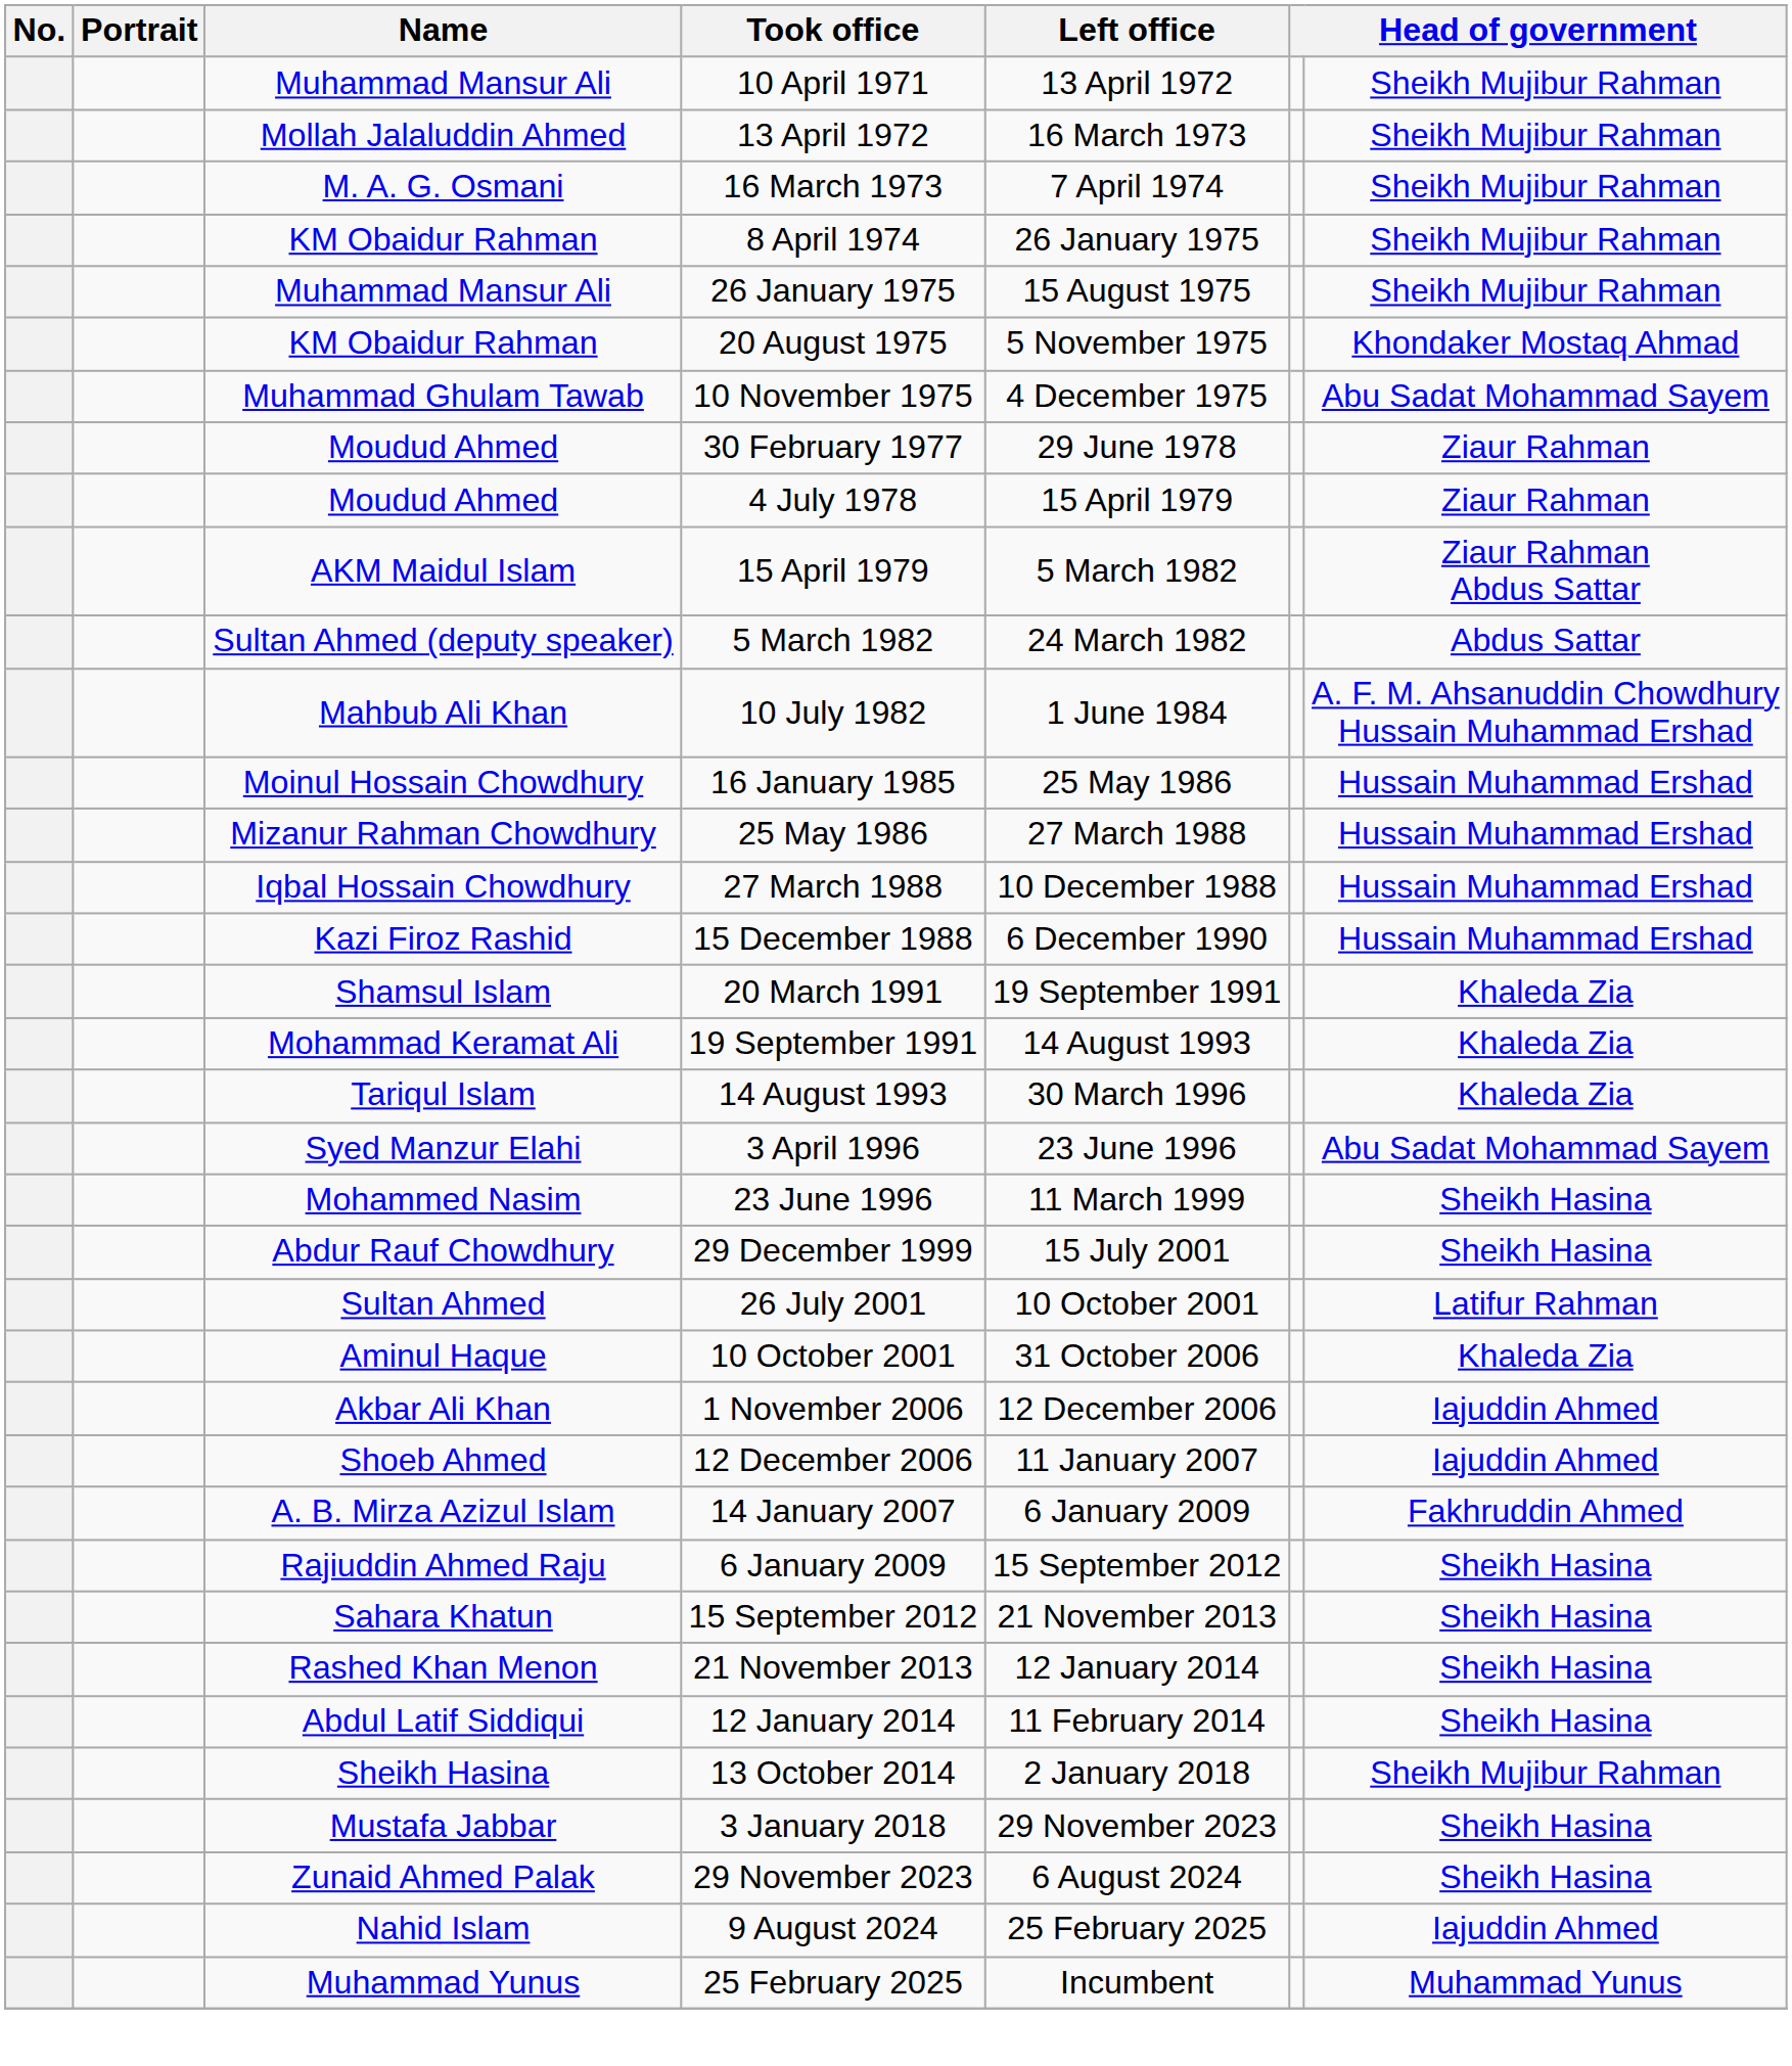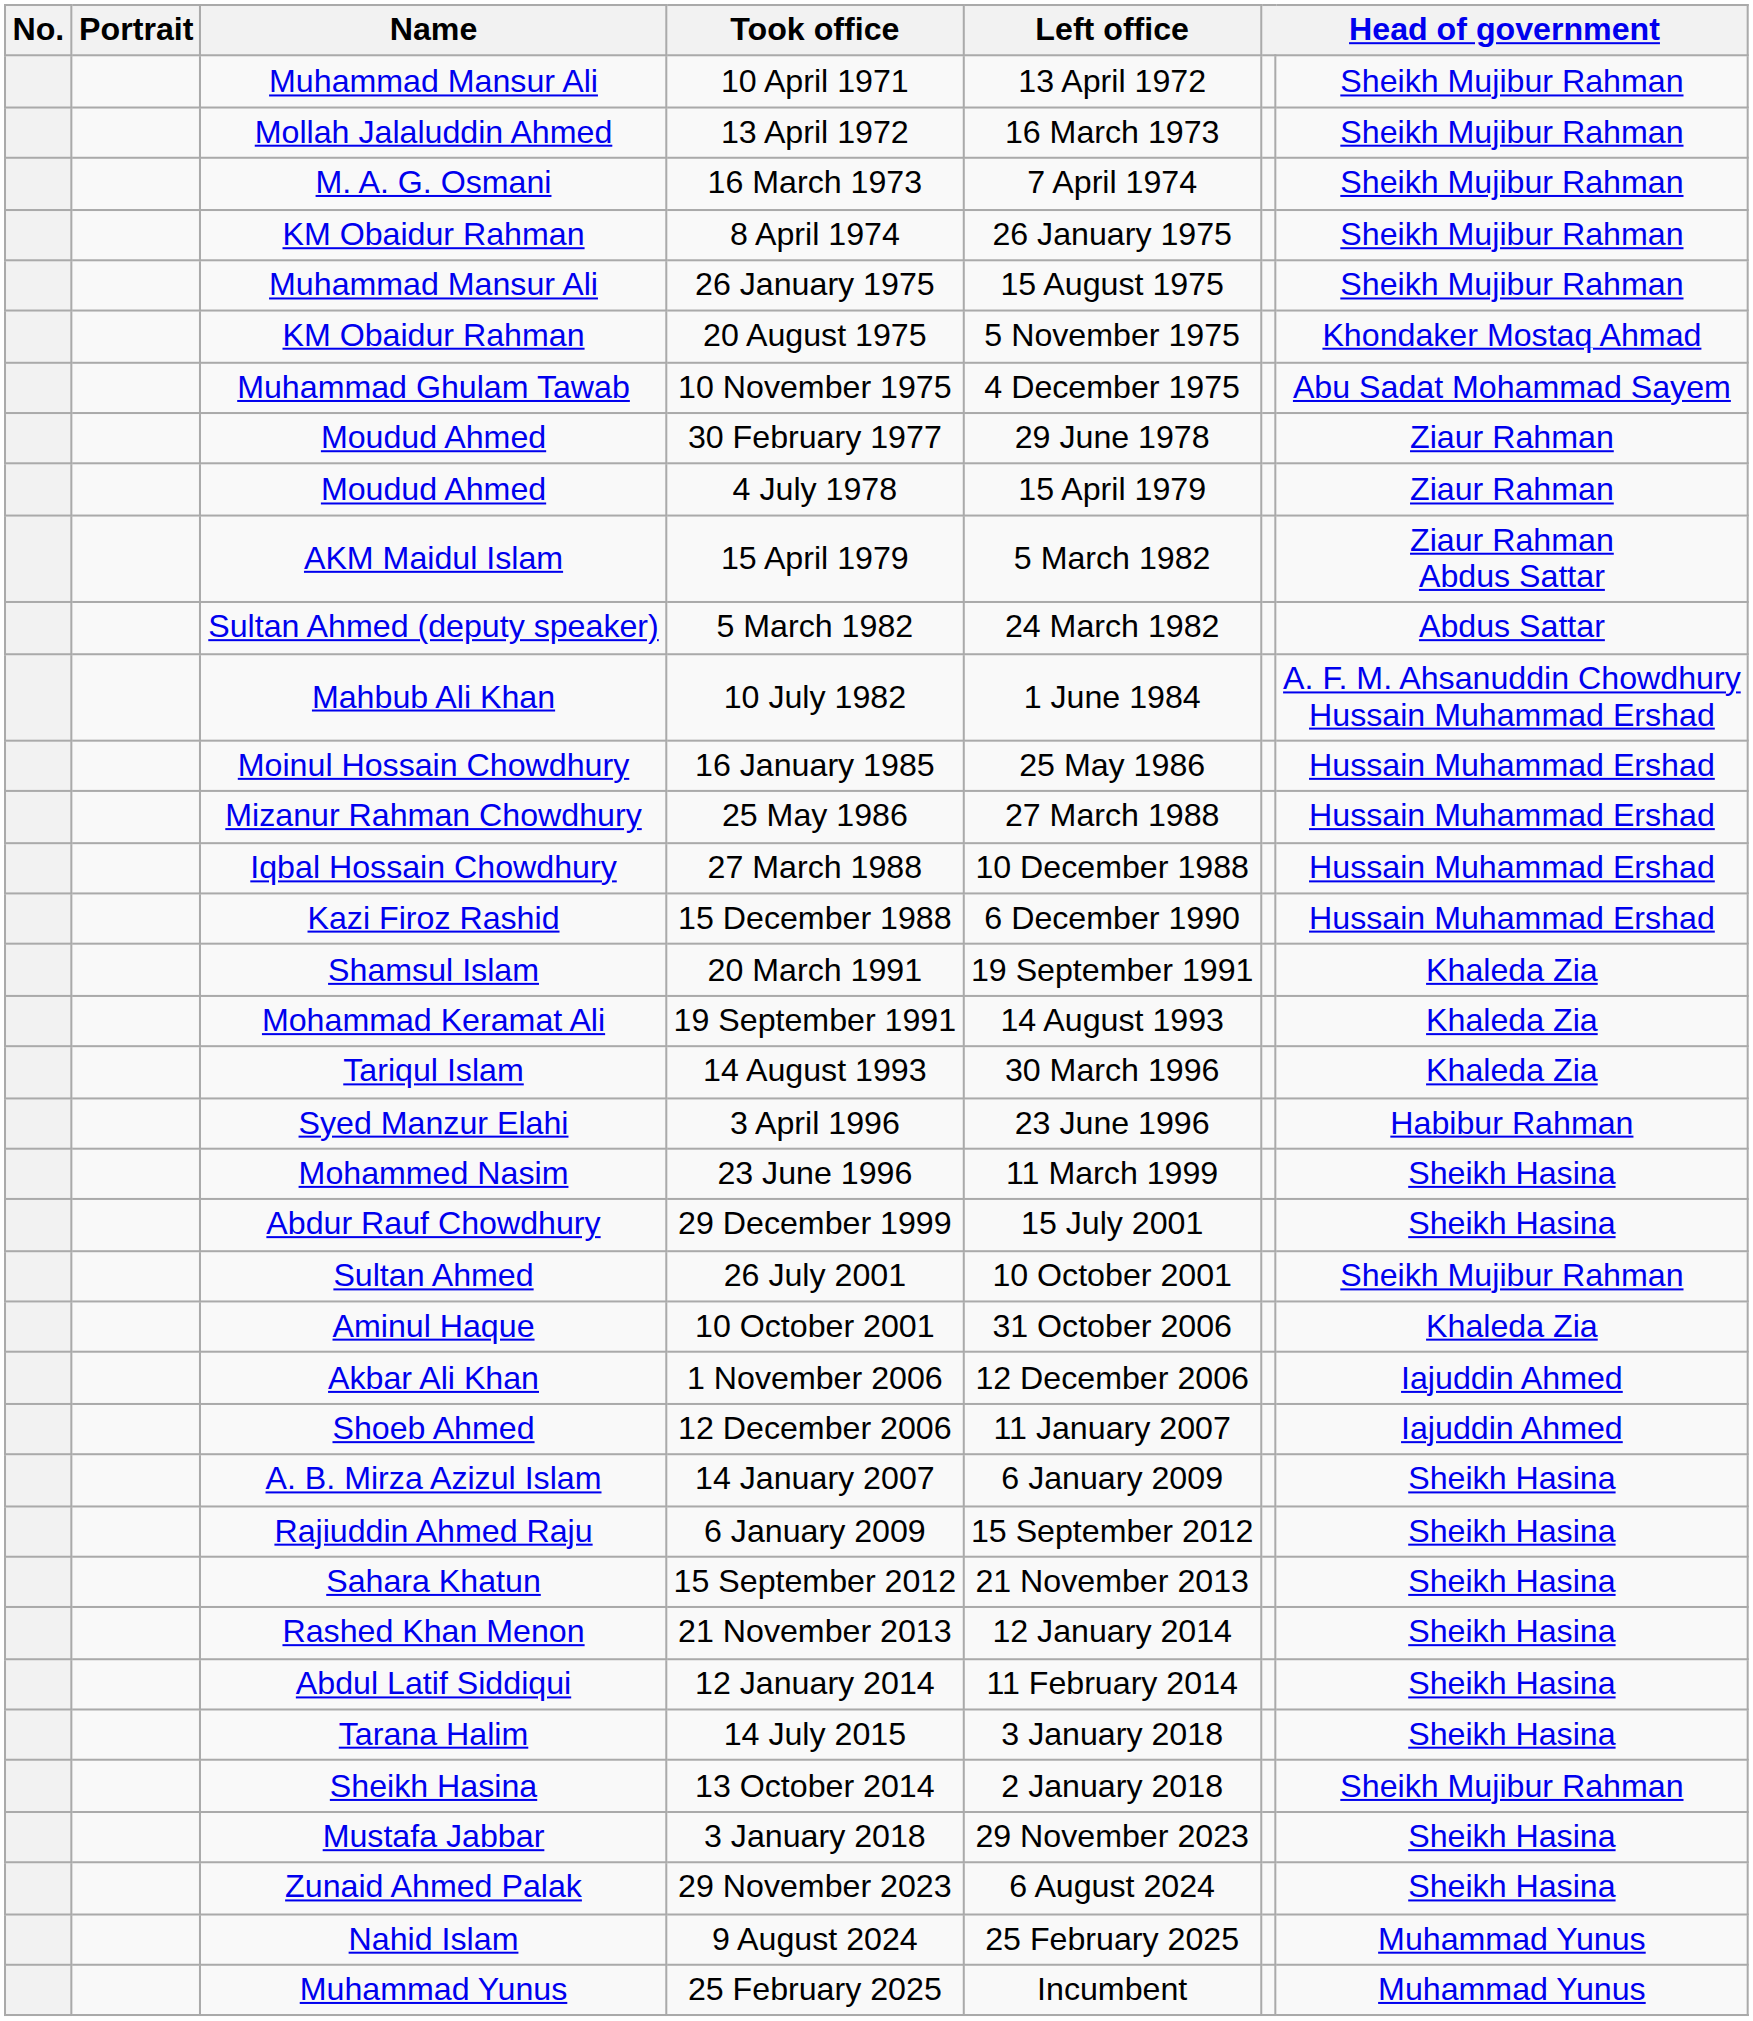 <table class="wikitable" style="clear:right; text-align:center"|}>
 <tr>
 <th>No.</th>
 <th>Portrait</th>
 <th>Name</th>
 <th>Took office</th>
 <th>Left office</th>
 <th colspan="2"><a href='#'>Head of government</a></th>
 </tr>
 <tr>
 <th></th>
 <td></td>
 <td><a href='#'>Muhammad Mansur Ali</a></td>
 <td>10 April 1971</td>
 <td>13 April 1972</td>
 <td style="background: "></td>
 <td><a href='#'>Sheikh Mujibur Rahman</a></td>
 </tr>
 <tr>
 <th></th>
 <td></td>
 <td><a href='#'>Mollah Jalaluddin Ahmed</a></td>
 <td>13 April 1972</td>
 <td>16 March 1973</td>
 <td style="background: "></td>
 <td><a href='#'>Sheikh Mujibur Rahman</a></td>
 </tr>
 <tr>
 <th></th>
 <td></td>
 <td><a href='#'>M. A. G. Osmani</a></td>
 <td>16 March 1973</td>
 <td>7 April 1974</td>
 <td style="background: "></td>
 <td><a href='#'>Sheikh Mujibur Rahman</a></td>
 </tr>
 <tr>
 <th></th>
 <td></td>
 <td><a href='#'>KM Obaidur Rahman</a></td>
 <td>8 April 1974</td>
 <td>26 January 1975</td>
 <td style="background: "></td>
 <td><a href='#'>Sheikh Mujibur Rahman</a></td>
 </tr>
 <tr>
 <th></th>
 <td></td>
 <td><a href='#'>Muhammad Mansur Ali</a></td>
 <td>26 January 1975</td>
 <td>15 August 1975</td>
 <td style="background: "></td>
 <td><a href='#'>Sheikh Mujibur Rahman</a></td>
 </tr>
 <tr>
 <th></th>
 <td></td>
 <td><a href='#'>KM Obaidur Rahman</a></td>
 <td>20 August 1975</td>
 <td>5 November 1975</td>
 <td style="background: "></td>
 <td><a href='#'>Khondaker Mostaq Ahmad</a></td>
 </tr>
 <tr>
 <th></th>
 <td></td>
 <td><a href='#'>Muhammad Ghulam Tawab</a></td>
 <td>10 November 1975</td>
 <td>4 December 1975</td>
 <td style="background: "></td>
 <td><a href='#'>Abu Sadat Mohammad Sayem</a></td>
 </tr>
 <tr>
 <th></th>
 <td></td>
 <td><a href='#'>Moudud Ahmed</a></td>
 <td>30 February 1977</td>
 <td>29 June 1978</td>
 <td style="background: "></td>
 <td><a href='#'>Ziaur Rahman</a></td>
 </tr>
 <tr>
 <th></th>
 <td></td>
 <td><a href='#'>Moudud Ahmed</a></td>
 <td>4 July 1978</td>
 <td>15 April 1979</td>
 <td style="background: "></td>
 <td><a href='#'>Ziaur Rahman</a></td>
 </tr>
 <tr>
 <th></th>
 <td></td>
 <td><a href='#'>AKM Maidul Islam</a></td>
 <td>15 April 1979</td>
 <td>5 March 1982</td>
 <td style="background: "></td>
 <td><a href='#'>Ziaur Rahman</a><br><a href='#'>Abdus Sattar</a></td>
 </tr>
 <tr>
 <th></th>
 <td></td>
 <td><a href='#'>Sultan Ahmed (deputy speaker)</a></td>
 <td>5 March 1982</td>
 <td>24 March 1982</td>
 <td style="background: "></td>
 <td><a href='#'>Abdus Sattar</a></td>
 </tr>
 <tr>
 <th></th>
 <td></td>
 <td><a href='#'>Mahbub Ali Khan</a></td>
 <td>10 July 1982</td>
 <td>1 June 1984</td>
 <td style="background: "></td>
 <td><a href='#'>A. F. M. Ahsanuddin Chowdhury</a><br><a href='#'>Hussain Muhammad Ershad</a></td>
 </tr>
 <tr>
 <th></th>
 <td></td>
 <td><a href='#'>Moinul Hossain Chowdhury</a></td>
 <td>16 January 1985</td>
 <td>25 May 1986</td>
 <td style="background: "></td>
 <td><a href='#'>Hussain Muhammad Ershad</a></td>
 </tr>
 <tr>
 <th></th>
 <td></td>
 <td><a href='#'>Mizanur Rahman Chowdhury</a></td>
 <td>25 May 1986</td>
 <td>27 March 1988</td>
 <td style="background: "></td>
 <td><a href='#'>Hussain Muhammad Ershad</a></td>
 </tr>
 <tr>
 <th></th>
 <td></td>
 <td><a href='#'>Iqbal Hossain Chowdhury</a></td>
 <td>27 March 1988</td>
 <td>10 December 1988</td>
 <td style="background: "></td>
 <td><a href='#'>Hussain Muhammad Ershad</a></td>
 </tr>
 <tr>
 <th></th>
 <td></td>
 <td><a href='#'>Kazi Firoz Rashid</a></td>
 <td>15 December 1988</td>
 <td>6 December 1990</td>
 <td style="background: "></td>
 <td><a href='#'>Hussain Muhammad Ershad</a></td>
 </tr>
 <tr>
 <th></th>
 <td></td>
 <td><a href='#'>Shamsul Islam</a></td>
 <td>20 March 1991</td>
 <td>19 September 1991</td>
 <td style="background: "></td>
 <td><a href='#'>Khaleda Zia</a></td>
 </tr>
 <tr>
 <th></th>
 <td></td>
 <td><a href='#'>Mohammad Keramat Ali</a></td>
 <td>19 September 1991</td>
 <td>14 August 1993</td>
 <td style="background: "></td>
 <td><a href='#'>Khaleda Zia</a></td>
 </tr>
 <tr>
 <th></th>
 <td></td>
 <td><a href='#'>Tariqul Islam</a></td>
 <td>14 August 1993</td>
 <td>30 March 1996</td>
 <td style="background: "></td>
 <td><a href='#'>Khaleda Zia</a></td>
 </tr>
 <tr>
 <th></th>
 <td></td>
 <td><a href='#'>Syed Manzur Elahi</a></td>
 <td>3 April 1996</td>
 <td>23 June 1996</td>
 <td style="background: "></td>
-<td><a href='#'>Abu Sadat Mohammad Sayem</a></td>
+<td><a href='#'>Habibur Rahman</a></td>
 </tr>
 <tr>
 <th></th>
 <td></td>
 <td><a href='#'>Mohammed Nasim</a></td>
 <td>23 June 1996</td>
 <td>11 March 1999</td>
 <td style="background: "></td>
 <td><a href='#'>Sheikh Hasina</a></td>
 </tr>
 <tr>
 <th></th>
 <td></td>
 <td><a href='#'>Abdur Rauf Chowdhury</a></td>
 <td>29 December 1999</td>
 <td>15 July 2001</td>
 <td style="background: "></td>
 <td><a href='#'>Sheikh Hasina</a></td>
 </tr>
 <tr>
 <th></th>
 <td></td>
 <td><a href='#'>Sultan Ahmed</a></td>
 <td>26 July 2001</td>
 <td>10 October 2001</td>
 <td style="background: "></td>
-<td><a href='#'>Latifur Rahman</a></td>
+<td><a href='#'>Sheikh Mujibur Rahman</a></td>
 </tr>
 <tr>
 <th></th>
 <td></td>
 <td><a href='#'>Aminul Haque</a></td>
 <td>10 October 2001</td>
 <td>31 October 2006</td>
 <td style="background: "></td>
 <td><a href='#'>Khaleda Zia</a></td>
 </tr>
 <tr>
 <th></th>
 <td></td>
 <td><a href='#'>Akbar Ali Khan</a></td>
 <td>1 November 2006</td>
 <td>12 December 2006</td>
 <td style="background: "></td>
 <td><a href='#'>Iajuddin Ahmed</a></td>
 </tr>
 <tr>
 <th></th>
 <td></td>
 <td><a href='#'>Shoeb Ahmed</a></td>
 <td>12 December 2006</td>
 <td>11 January 2007</td>
 <td style="background: "></td>
 <td><a href='#'>Iajuddin Ahmed</a></td>
 </tr>
 <tr>
 <th></th>
 <td></td>
 <td><a href='#'>A. B. Mirza Azizul Islam</a></td>
 <td>14 January 2007</td>
 <td>6 January 2009</td>
 <td style="background: "></td>
-<td><a href='#'>Fakhruddin Ahmed</a></td>
+<td><a href='#'>Sheikh Hasina</a></td>
 </tr>
 <tr>
 <th></th>
 <td></td>
 <td><a href='#'>Rajiuddin Ahmed Raju</a></td>
 <td>6 January 2009</td>
 <td>15 September 2012</td>
 <td style="background: "></td>
 <td><a href='#'>Sheikh Hasina</a></td>
 </tr>
 <tr>
 <th></th>
 <td></td>
 <td><a href='#'>Sahara Khatun</a></td>
 <td>15 September 2012</td>
 <td>21 November 2013</td>
 <td style="background: "></td>
 <td><a href='#'>Sheikh Hasina</a></td>
 </tr>
 <tr>
 <th></th>
 <td></td>
 <td><a href='#'>Rashed Khan Menon</a></td>
 <td>21 November 2013</td>
 <td>12 January 2014</td>
 <td style="background: "></td>
 <td><a href='#'>Sheikh Hasina</a></td>
 </tr>
 <tr>
 <th></th>
 <td></td>
 <td><a href='#'>Abdul Latif Siddiqui</a></td>
 <td>12 January 2014</td>
 <td>11 February 2014</td>
 <td style="background: "></td>
 <td><a href='#'>Sheikh Hasina</a></td>
 </tr>
 <tr>
 <th></th>
 <td></td>
+<td><a href='#'>Tarana Halim</a></td>
+<td>14 July 2015</td>
+<td>3 January 2018</td>
+<td style="background: "></td>
+<td><a href='#'>Sheikh Hasina</a></td>
+</tr>
+<tr>
+<th></th>
+<td></td>
 <td><a href='#'>Sheikh Hasina</a></td>
 <td>13 October 2014</td>
 <td>2 January 2018</td>
 <td style="background: "></td>
 <td><a href='#'>Sheikh Mujibur Rahman</a></td>
 </tr>
 <tr>
 <th></th>
 <td></td>
 <td><a href='#'>Mustafa Jabbar</a></td>
 <td>3 January 2018</td>
 <td>29 November 2023</td>
 <td style="background: "></td>
 <td><a href='#'>Sheikh Hasina</a></td>
 </tr>
 <tr>
 <th></th>
 <td></td>
 <td><a href='#'>Zunaid Ahmed Palak</a></td>
 <td>29 November 2023</td>
 <td>6 August 2024</td>
 <td style="background: "></td>
 <td><a href='#'>Sheikh Hasina</a></td>
 </tr>
 <tr>
 <th></th>
 <td></td>
 <td><a href='#'>Nahid Islam</a></td>
 <td>9 August 2024</td>
 <td>25 February 2025</td>
 <td style="background: "></td>
-<td><a href='#'>Iajuddin Ahmed</a></td>
+<td><a href='#'>Muhammad Yunus</a></td>
 </tr>
 <tr>
 <th></th>
 <td></td>
 <td><a href='#'>Muhammad Yunus</a></td>
 <td>25 February 2025</td>
 <td>Incumbent</td>
 <td style="background: "></td>
 <td><a href='#'>Muhammad Yunus</a></td>
 </tr>
 <tr>
 </tr>
 </table>
